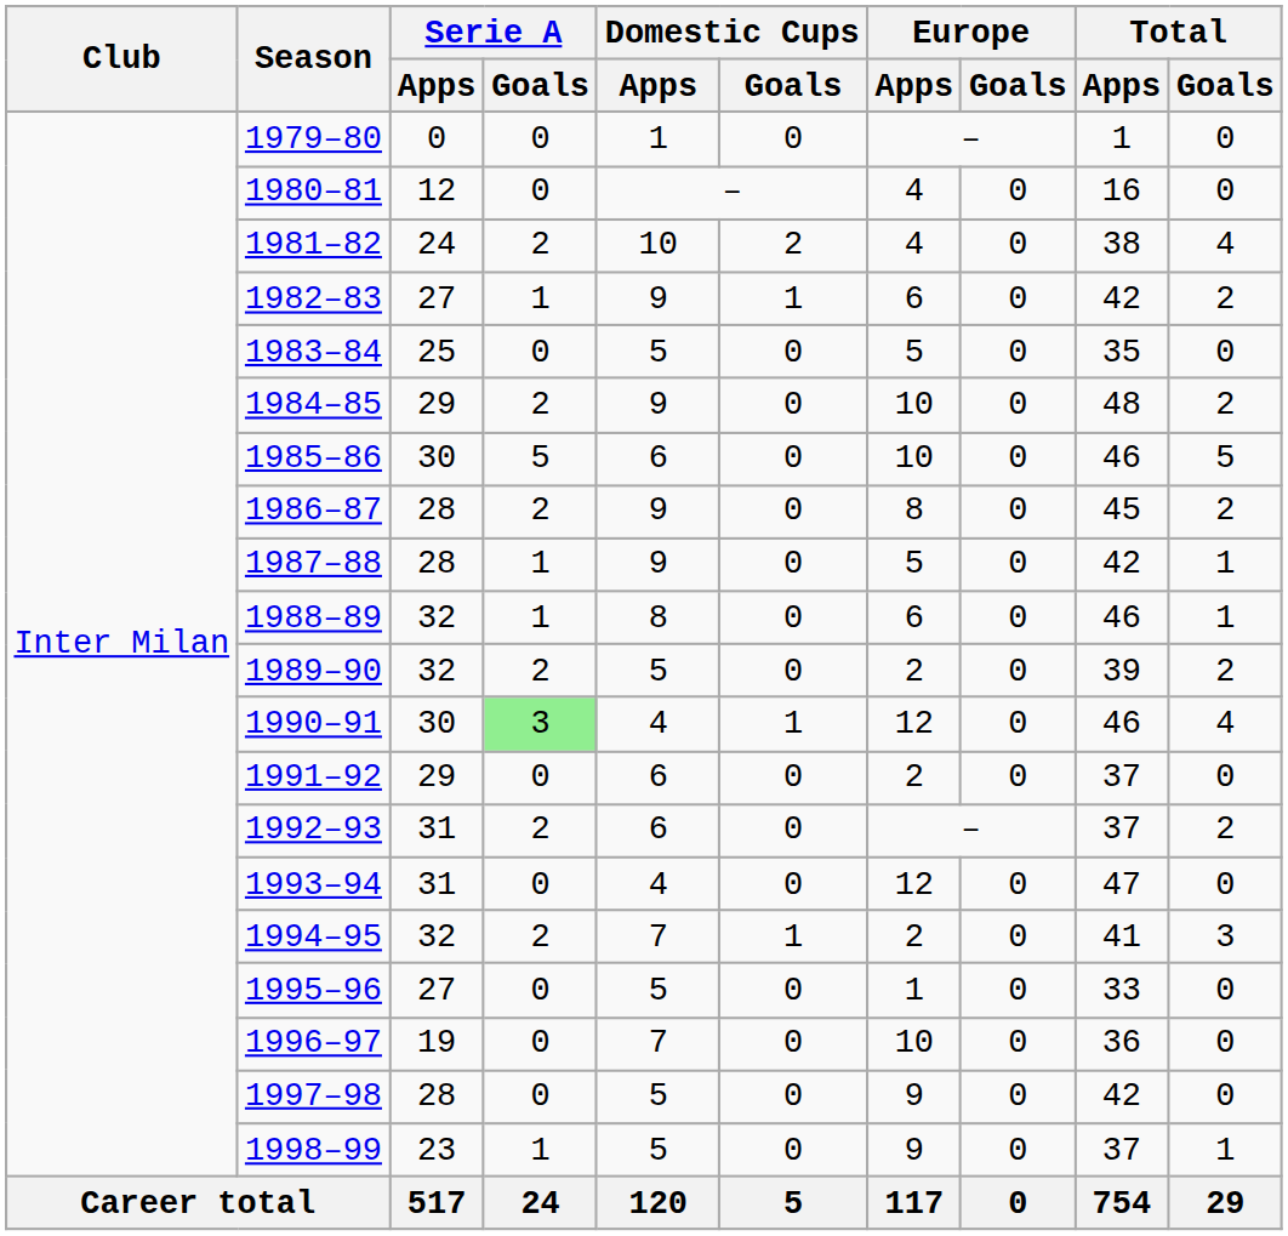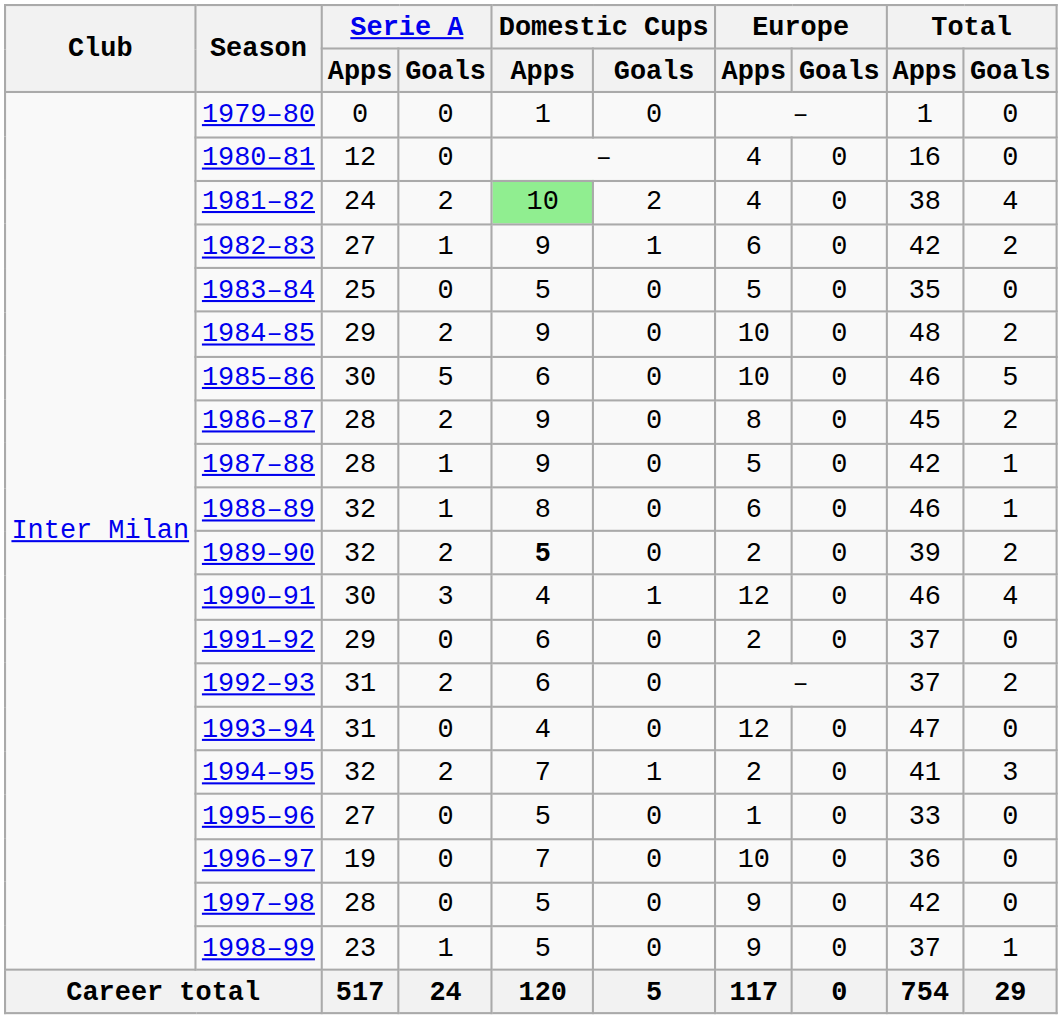 <table class="wikitable" style="text-align:center">
 <tr>
 <th rowspan="2">Club</th>
 <th rowspan="2">Season</th>
 <th colspan="2"><a href='#'>Serie A</a></th>
 <th colspan="2">Domestic Cups</th>
 <th colspan="2">Europe</th>
 <th colspan="2">Total</th>
 </tr>
 <tr>
 <th>Apps</th>
 <th>Goals</th>
 <th>Apps</th>
 <th>Goals</th>
 <th>Apps</th>
 <th>Goals</th>
 <th>Apps</th>
 <th>Goals</th>
 </tr>
 <tr>
 <td rowspan="20"><a href='#'>Inter Milan</a></td>
 <td><a href='#'>1979–80</a></td>
 <td>0</td>
 <td>0</td>
 <td>1</td>
 <td>0</td>
 <td colspan="2">–</td>
 <td>1</td>
 <td>0</td>
 </tr>
 <tr>
 <td><a href='#'>1980–81</a></td>
 <td>12</td>
 <td>0</td>
 <td colspan="2">–</td>
 <td>4</td>
 <td>0</td>
 <td>16</td>
 <td>0</td>
 </tr>
 <tr>
 <td><a href='#'>1981–82</a></td>
 <td>24</td>
 <td>2</td>
-<td>10</td>
+<td style="background: lightgreen;">10</td>
 <td>2</td>
 <td>4</td>
 <td>0</td>
 <td>38</td>
 <td>4</td>
 </tr>
 <tr>
 <td><a href='#'>1982–83</a></td>
 <td>27</td>
 <td>1</td>
 <td>9</td>
 <td>1</td>
 <td>6</td>
 <td>0</td>
 <td>42</td>
 <td>2</td>
 </tr>
 <tr>
 <td><a href='#'>1983–84</a></td>
 <td>25</td>
 <td>0</td>
 <td>5</td>
 <td>0</td>
 <td>5</td>
 <td>0</td>
 <td>35</td>
 <td>0</td>
 </tr>
 <tr>
 <td><a href='#'>1984–85</a></td>
 <td>29</td>
 <td>2</td>
 <td>9</td>
 <td>0</td>
 <td>10</td>
 <td>0</td>
 <td>48</td>
 <td>2</td>
 </tr>
 <tr>
 <td><a href='#'>1985–86</a></td>
 <td>30</td>
 <td>5</td>
 <td>6</td>
 <td>0</td>
 <td>10</td>
 <td>0</td>
 <td>46</td>
 <td>5</td>
 </tr>
 <tr>
 <td><a href='#'>1986–87</a></td>
 <td>28</td>
 <td>2</td>
 <td>9</td>
 <td>0</td>
 <td>8</td>
 <td>0</td>
 <td>45</td>
 <td>2</td>
 </tr>
 <tr>
 <td><a href='#'>1987–88</a></td>
 <td>28</td>
 <td>1</td>
 <td>9</td>
 <td>0</td>
 <td>5</td>
 <td>0</td>
 <td>42</td>
 <td>1</td>
 </tr>
 <tr>
 <td><a href='#'>1988–89</a></td>
 <td>32</td>
 <td>1</td>
 <td>8</td>
 <td>0</td>
 <td>6</td>
 <td>0</td>
 <td>46</td>
 <td>1</td>
 </tr>
 <tr>
 <td><a href='#'>1989–90</a></td>
 <td>32</td>
 <td>2</td>
-<td>5</td>
+<td><strong>5</strong></td>
 <td>0</td>
 <td>2</td>
 <td>0</td>
 <td>39</td>
 <td>2</td>
 </tr>
 <tr>
 <td><a href='#'>1990–91</a></td>
 <td>30</td>
-<td style="background: lightgreen;">3</td>
+<td>3</td>
 <td>4</td>
 <td>1</td>
 <td>12</td>
 <td>0</td>
 <td>46</td>
 <td>4</td>
 </tr>
 <tr>
 <td><a href='#'>1991–92</a></td>
 <td>29</td>
 <td>0</td>
 <td>6</td>
 <td>0</td>
 <td>2</td>
 <td>0</td>
 <td>37</td>
 <td>0</td>
 </tr>
 <tr>
 <td><a href='#'>1992–93</a></td>
 <td>31</td>
 <td>2</td>
 <td>6</td>
 <td>0</td>
 <td colspan="2">–</td>
 <td>37</td>
 <td>2</td>
 </tr>
 <tr>
 <td><a href='#'>1993–94</a></td>
 <td>31</td>
 <td>0</td>
 <td>4</td>
 <td>0</td>
 <td>12</td>
 <td>0</td>
 <td>47</td>
 <td>0</td>
 </tr>
 <tr>
 <td><a href='#'>1994–95</a></td>
 <td>32</td>
 <td>2</td>
 <td>7</td>
 <td>1</td>
 <td>2</td>
 <td>0</td>
 <td>41</td>
 <td>3</td>
 </tr>
 <tr>
 <td><a href='#'>1995–96</a></td>
 <td>27</td>
 <td>0</td>
 <td>5</td>
 <td>0</td>
 <td>1</td>
 <td>0</td>
 <td>33</td>
 <td>0</td>
 </tr>
 <tr>
 <td><a href='#'>1996–97</a></td>
 <td>19</td>
 <td>0</td>
 <td>7</td>
 <td>0</td>
 <td>10</td>
 <td>0</td>
 <td>36</td>
 <td>0</td>
 </tr>
 <tr>
 <td><a href='#'>1997–98</a></td>
 <td>28</td>
 <td>0</td>
 <td>5</td>
 <td>0</td>
 <td>9</td>
 <td>0</td>
 <td>42</td>
 <td>0</td>
 </tr>
 <tr>
 <td><a href='#'>1998–99</a></td>
 <td>23</td>
 <td>1</td>
 <td>5</td>
 <td>0</td>
 <td>9</td>
 <td>0</td>
 <td>37</td>
 <td>1</td>
 </tr>
 <tr>
 <th colspan="2">Career total</th>
 <th>517</th>
 <th>24</th>
 <th>120</th>
 <th>5</th>
 <th>117</th>
 <th>0</th>
 <th>754</th>
 <th>29</th>
 </tr>
 </table>
